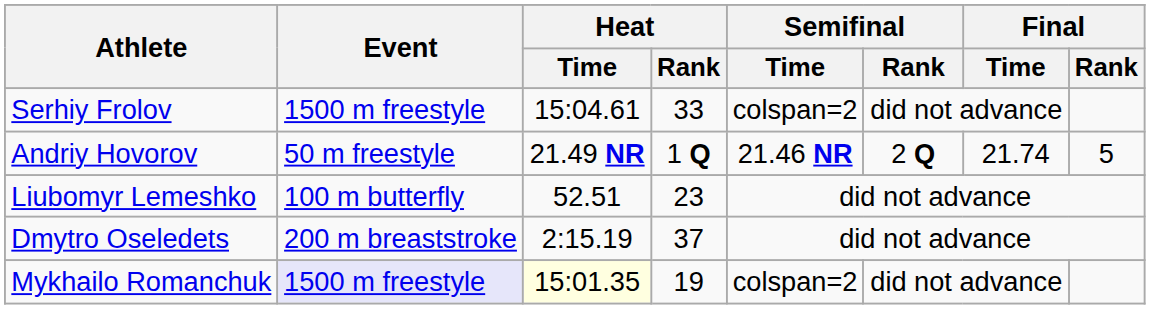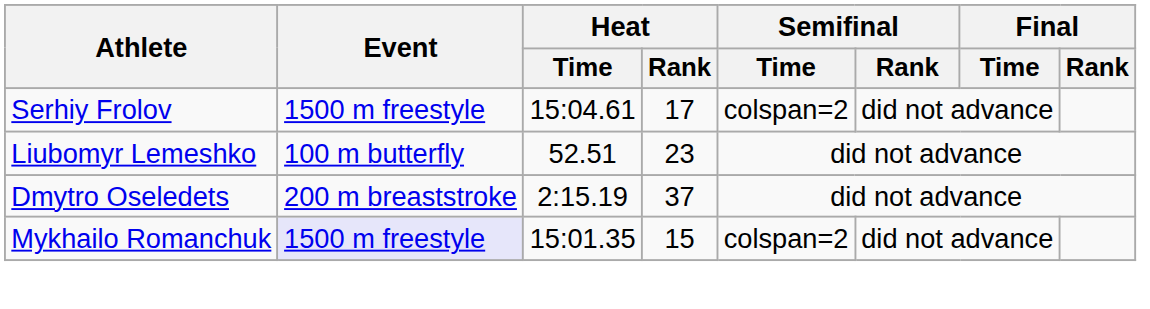 <table class=wikitable style="font-size:90%">
 <tr>
 <th rowspan="2">Athlete</th>
 <th rowspan="2">Event</th>
 <th colspan="2">Heat</th>
 <th colspan="2">Semifinal</th>
 <th colspan="2">Final</th>
 </tr>
 <tr style="font-size:95%">
 <th>Time</th>
 <th>Rank</th>
 <th>Time</th>
 <th>Rank</th>
 <th>Time</th>
 <th>Rank</th>
 </tr>
 <tr align=center>
 <td align=left><a href='#'>Serhiy Frolov</a></td>
 <td align=left><a href='#'>1500 m freestyle</a></td>
 <td>15:04.61</td>
-<td>33</td>
+<td>17</td>
 <td>colspan=2 </td>
 <td colspan=2>did not advance</td>
-</tr>
-<tr align=center>
-<td align=left><a href='#'>Andriy Hovorov</a></td>
-<td align=left><a href='#'>50 m freestyle</a></td>
-<td>21.49 <strong><a href='#'>NR</a></strong></td>
-<td>1 <strong>Q</strong></td>
-<td>21.46 <strong><a href='#'>NR</a></strong></td>
-<td>2 <strong>Q</strong></td>
-<td>21.74</td>
-<td>5</td>
 </tr>
 <tr align=center>
 <td align=left><a href='#'>Liubomyr Lemeshko</a></td>
 <td align=left><a href='#'>100 m butterfly</a></td>
 <td>52.51</td>
 <td>23</td>
 <td colspan=4>did not advance</td>
 </tr>
 <tr align=center>
 <td align=left><a href='#'>Dmytro Oseledets</a></td>
 <td align=left><a href='#'>200 m breaststroke</a></td>
 <td>2:15.19</td>
 <td>37</td>
 <td colspan=4>did not advance</td>
 </tr>
 <tr align=center>
 <td align=left><a href='#'>Mykhailo Romanchuk</a></td>
 <td align=left style="background: lavender;"><a href='#'>1500 m freestyle</a></td>
-<td style="background: lightyellow;">15:01.35</td>
-<td>19</td>
+<td>15:01.35</td>
+<td>15</td>
 <td>colspan=2 </td>
 <td colspan=2>did not advance</td>
 </tr>
 </table>
